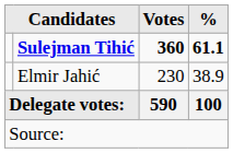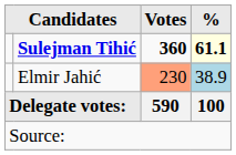 <table class="wikitable">
 <tr>
 <th style="background:#e9e9e9; text-align:center;" colspan="2">Candidates</th>
 <th style="background:#e9e9e9; text-align:center;">Votes</th>
 <th style="background:#e9e9e9; text-align:center;">%</th>
 </tr>
 <tr>
 <td style="background:"></td>
 <td style="text-align:left;"><strong><a href='#'>Sulejman Tihić</a></strong></td>
 <td style="text-align:right;"><strong>360</strong></td>
-<td style="text-align:right;"><strong>61.1</strong></td>
+<td style="background: lightyellow; text-align:right;"><strong>61.1</strong></td>
 </tr>
 <tr>
 <td style="background:"></td>
 <td style="text-align:left;">Elmir Jahić</td>
-<td style="text-align:right;">230</td>
-<td style="text-align:right;">38.9</td>
+<td style="background: lightsalmon; text-align:right;">230</td>
+<td style="background: lightblue; text-align:right;">38.9</td>
 </tr>
 <tr style="background:#e9e9e9;">
 <td style="text-align:left;" colspan="2"><strong>Delegate votes:</strong></td>
 <th align= right>590</th>
 <th align= right>100</th>
 </tr>
 <tr>
 <td style="text-align:left;" colspan="7">Source: </td>
 </tr>
 </table>
